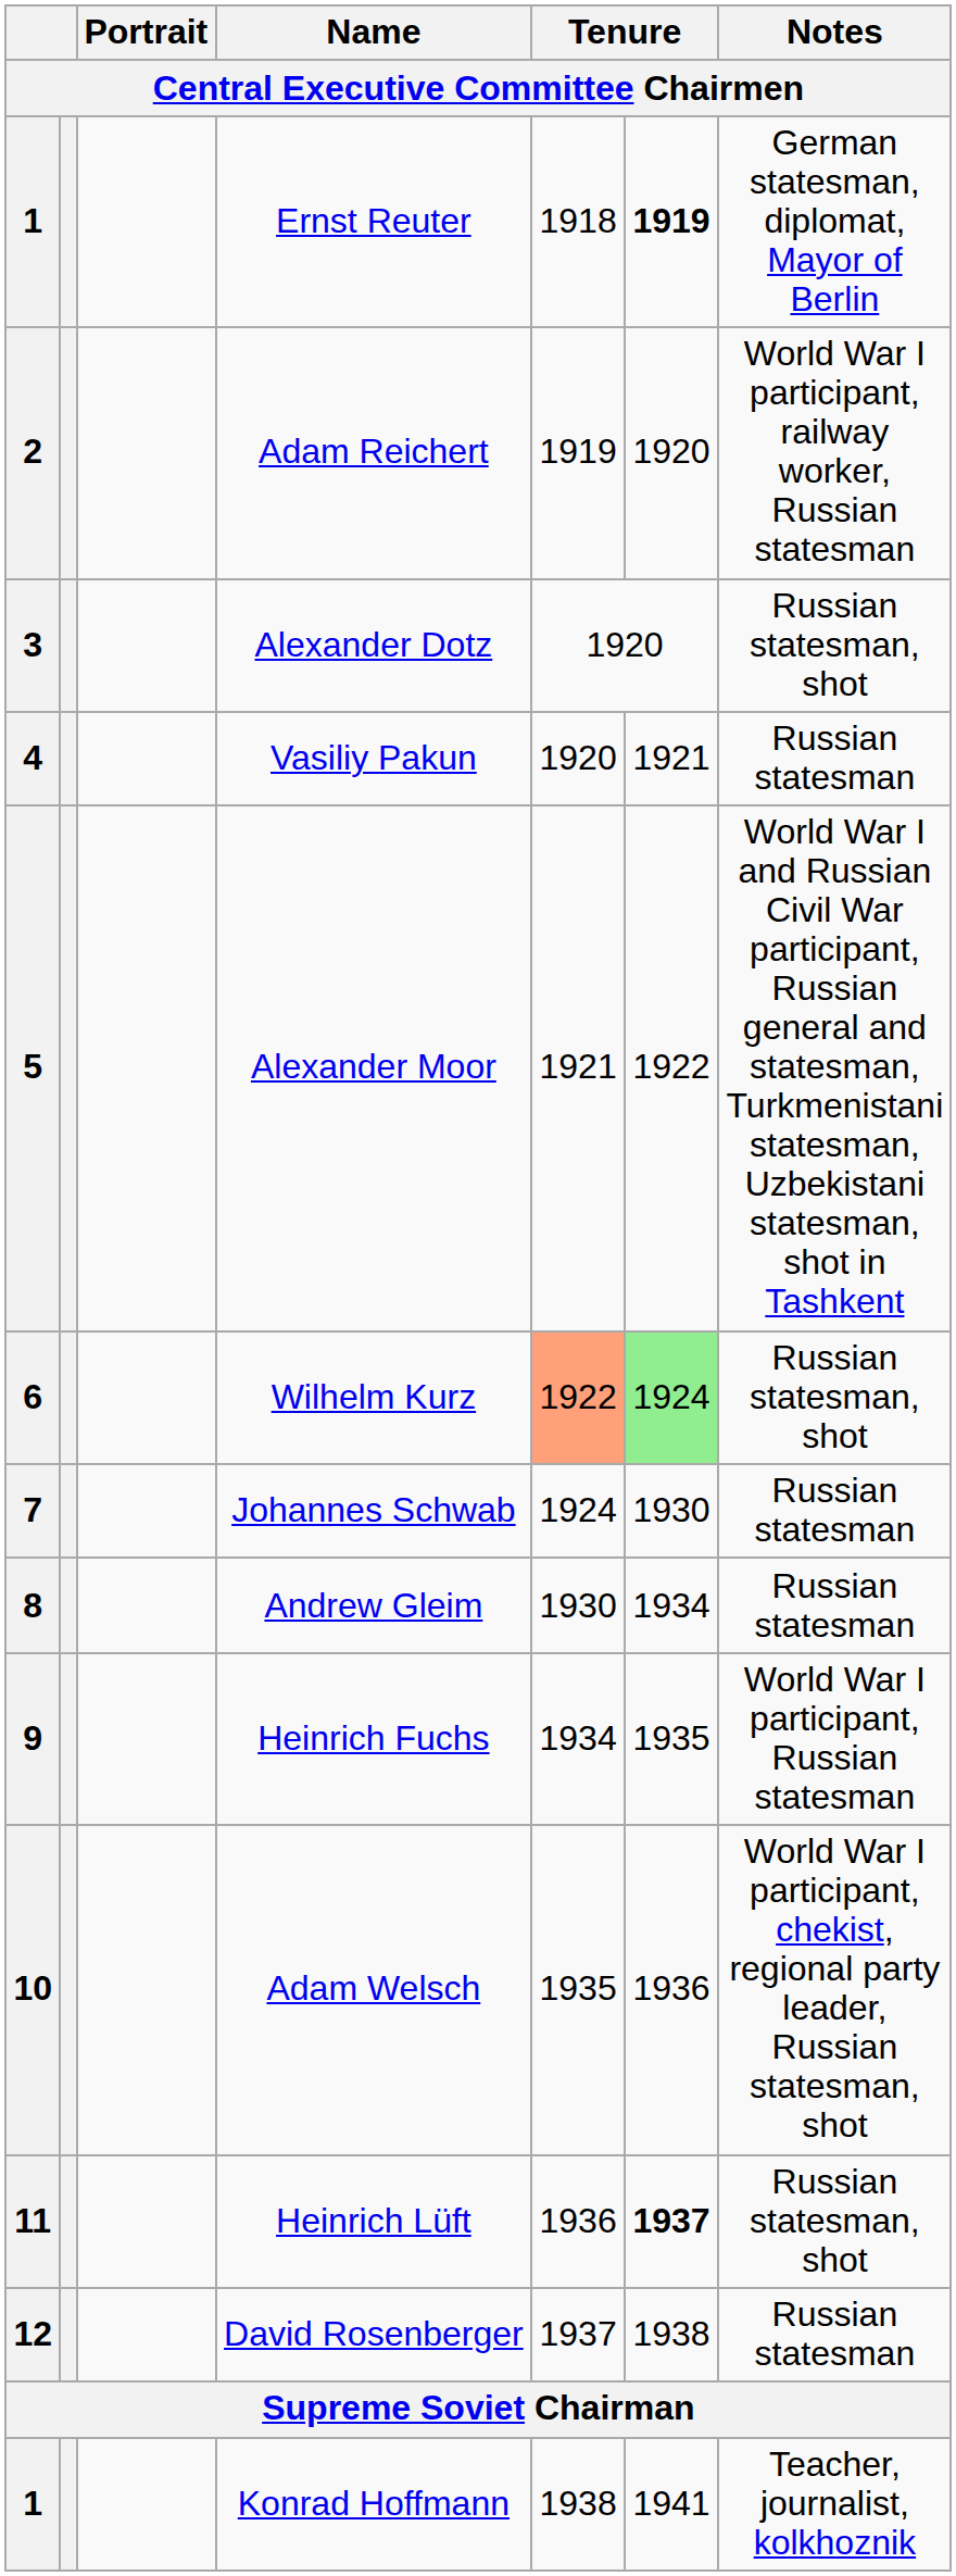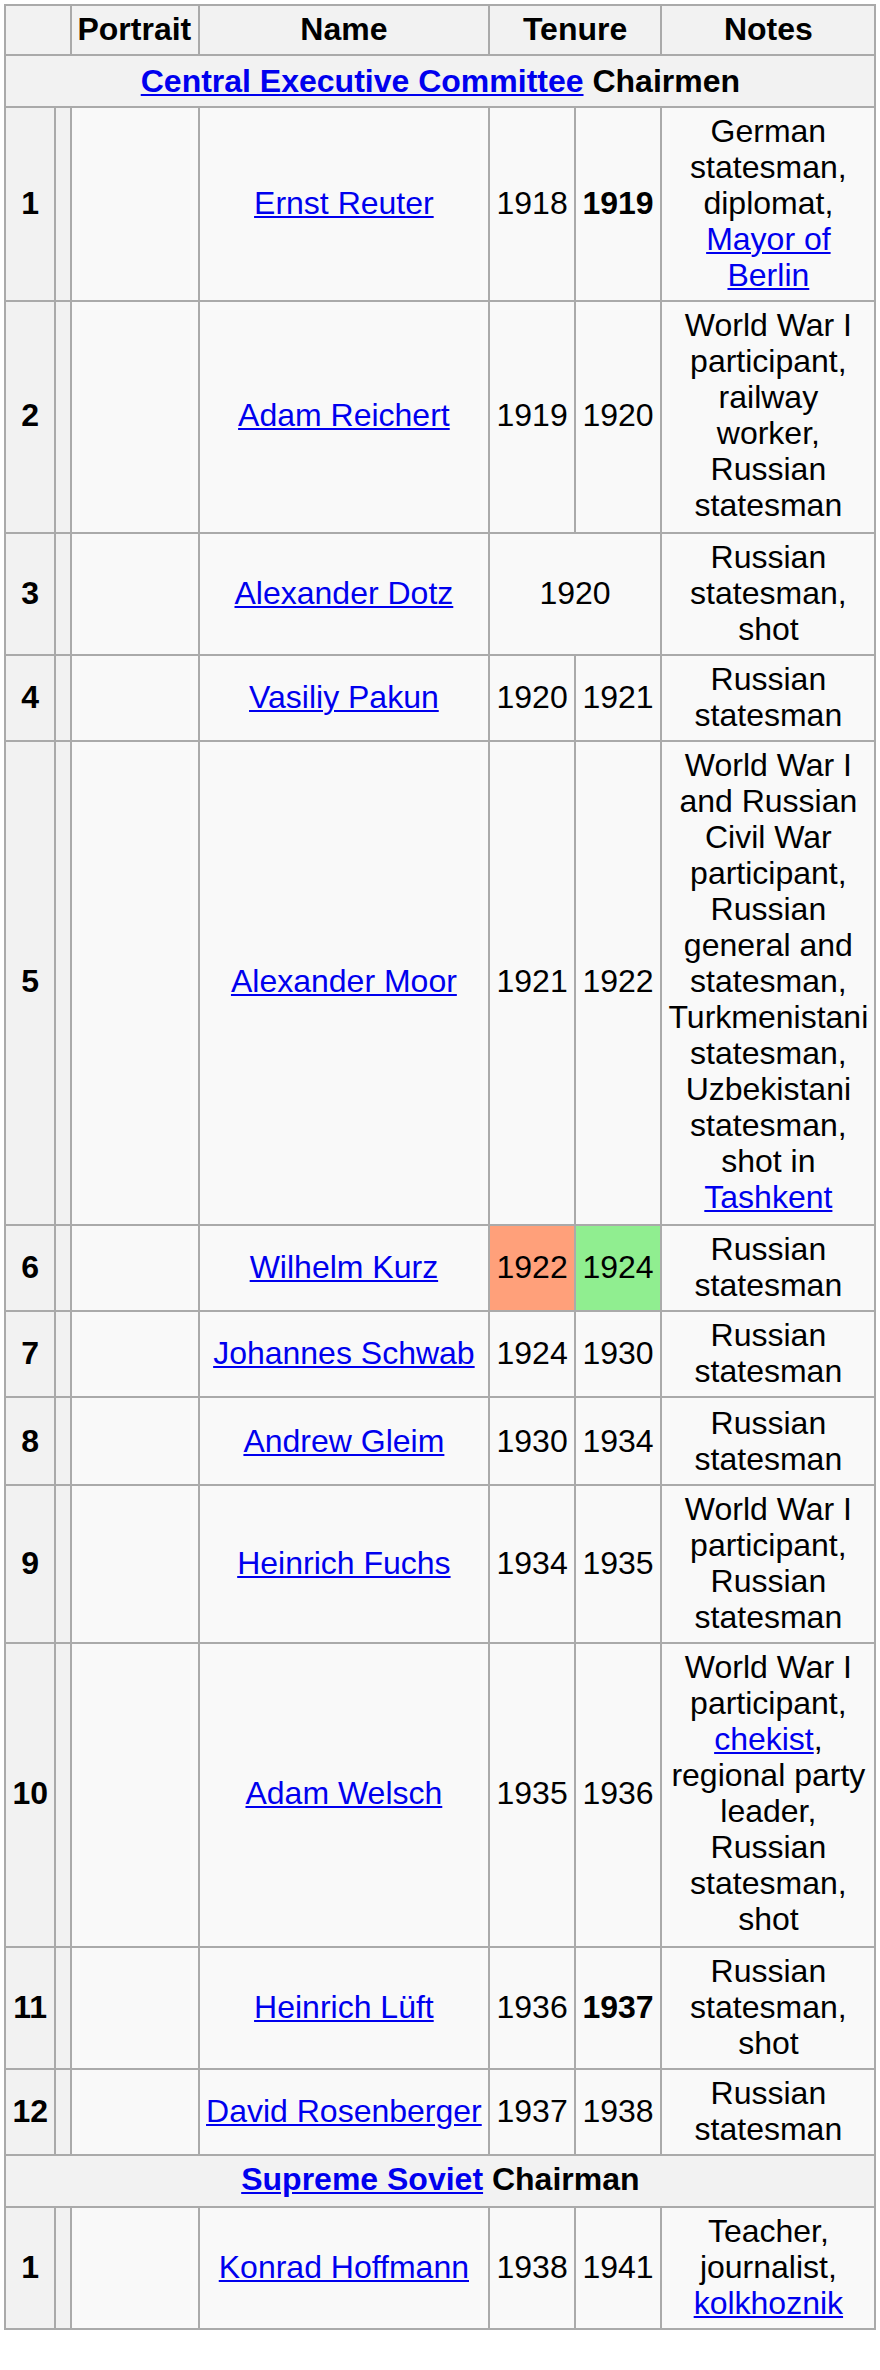 <table class="wikitable" style="text-align:center">
 <tr>
 <th colspan=2></th>
 <th>Portrait</th>
 <th>Name<br></th>
 <th colspan=2>Tenure</th>
 <th width=100>Notes</th>
 </tr>
 <tr>
 <th colspan=7><a href='#'>Central Executive Committee</a> Chairmen</th>
 </tr>
 <tr>
 <th>1</th>
 <th style="background:"></th>
 <td></td>
 <td><a href='#'>Ernst Reuter</a><br></td>
 <td>1918</td>
 <td><strong>1919</strong></td>
 <td>German statesman, diplomat, <a href='#'>Mayor of Berlin</a></td>
 </tr>
 <tr>
 <th>2</th>
 <th style="background:"></th>
 <td></td>
 <td><a href='#'>Adam Reichert</a><br></td>
 <td>1919</td>
 <td>1920</td>
 <td>World War I participant, railway worker, Russian statesman</td>
 </tr>
 <tr>
 <th>3</th>
 <th style="background:"></th>
 <td></td>
 <td><a href='#'>Alexander Dotz</a><br></td>
 <td colspan=2>1920</td>
 <td>Russian statesman, shot</td>
 </tr>
 <tr>
 <th>4</th>
 <th style="background:"></th>
 <td></td>
 <td><a href='#'>Vasiliy Pakun</a></td>
 <td>1920</td>
 <td>1921</td>
 <td>Russian statesman</td>
 </tr>
 <tr>
 <th>5</th>
 <th style="background:"></th>
 <td></td>
 <td><a href='#'>Alexander Moor</a><br></td>
 <td>1921</td>
 <td>1922</td>
 <td>World War I and Russian Civil War participant, Russian general and statesman, Turkmenistani statesman, Uzbekistani statesman, shot in <a href='#'>Tashkent</a></td>
 </tr>
 <tr>
 <th>6</th>
 <th style="background:"></th>
 <td></td>
 <td><a href='#'>Wilhelm Kurz</a><br></td>
 <td style="background: lightsalmon;">1922</td>
 <td style="background: lightgreen;">1924</td>
-<td>Russian statesman, shot</td>
+<td>Russian statesman</td>
 </tr>
 <tr>
 <th>7</th>
 <th style="background:"></th>
 <td></td>
 <td><a href='#'>Johannes Schwab</a><br></td>
 <td>1924</td>
 <td>1930</td>
 <td>Russian statesman</td>
 </tr>
 <tr>
 <th>8</th>
 <th style="background:"></th>
 <td></td>
 <td><a href='#'>Andrew Gleim</a><br></td>
 <td>1930</td>
 <td>1934</td>
 <td>Russian statesman</td>
 </tr>
 <tr>
 <th>9</th>
 <th style="background:"></th>
 <td></td>
 <td><a href='#'>Heinrich Fuchs</a><br></td>
 <td>1934</td>
 <td>1935</td>
 <td>World War I participant, Russian statesman</td>
 </tr>
 <tr>
 <th>10</th>
 <th style="background:"></th>
 <td></td>
 <td><a href='#'>Adam Welsch</a><br></td>
 <td>1935</td>
 <td>1936</td>
 <td>World War I participant, <a href='#'>chekist</a>, regional party leader, Russian statesman, shot</td>
 </tr>
 <tr>
 <th>11</th>
 <th style="background:"></th>
 <td></td>
 <td><a href='#'>Heinrich Lüft</a><br></td>
 <td>1936</td>
 <td><strong>1937</strong></td>
 <td>Russian statesman, shot</td>
 </tr>
 <tr>
 <th>12</th>
 <th style="background:"></th>
 <td></td>
 <td><a href='#'>David Rosenberger</a><br></td>
 <td>1937</td>
 <td>1938</td>
 <td>Russian statesman</td>
 </tr>
 <tr>
 <th colspan=7><a href='#'>Supreme Soviet</a> Chairman</th>
 </tr>
 <tr>
 <th>1</th>
 <th style="background:"></th>
 <td></td>
 <td><a href='#'>Konrad Hoffmann</a><br></td>
 <td>1938</td>
 <td>1941</td>
 <td>Teacher, journalist, <a href='#'>kolkhoznik</a></td>
 </tr>
 </table>
